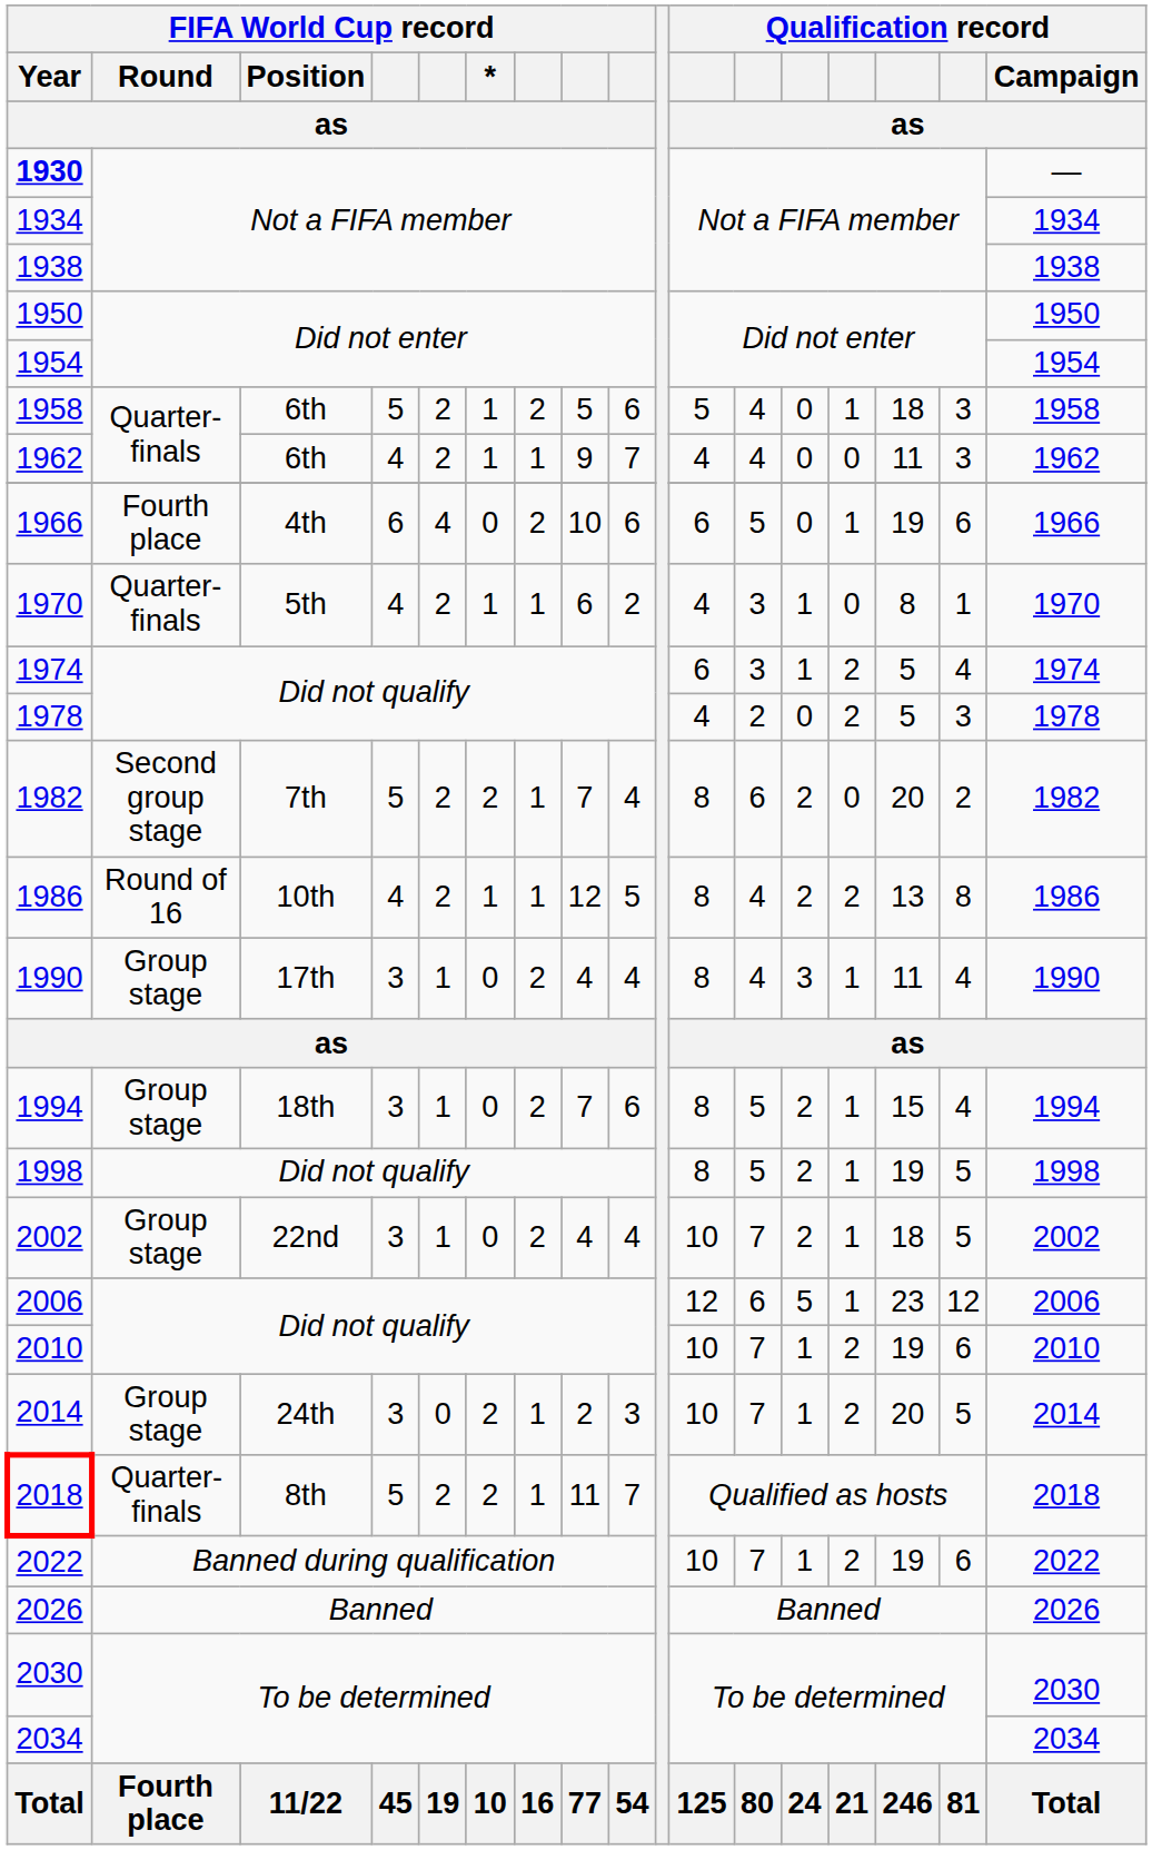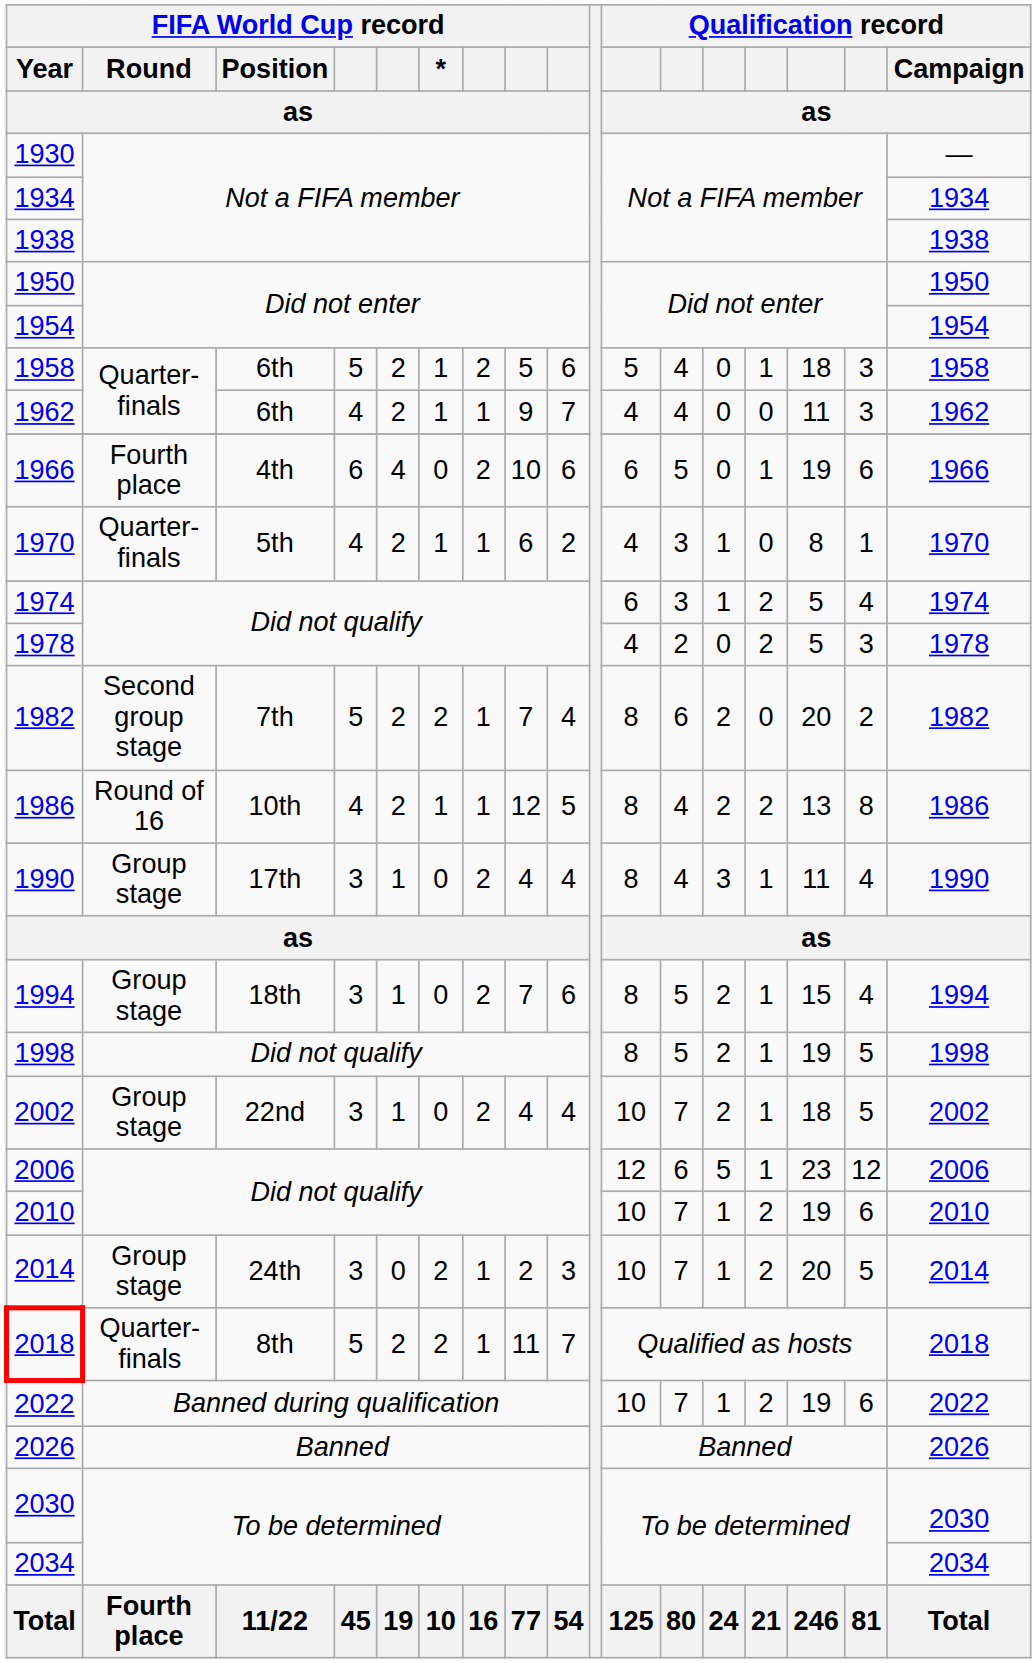 <table class="wikitable" style="text-align: center;">
 <tr>
 <th colspan=9><a href='#'>FIFA World Cup</a> record</th>
 <th style="width:1%;" rowspan="39"></th>
 <th colspan=7><a href='#'>Qualification</a> record</th>
 </tr>
 <tr>
 <th>Year</th>
 <th>Round</th>
 <th>Position</th>
 <th></th>
 <th></th>
 <th>*</th>
 <th></th>
 <th></th>
 <th></th>
 <th></th>
 <th></th>
 <th></th>
 <th></th>
 <th></th>
 <th></th>
 <th>Campaign</th>
 </tr>
 <tr>
 <th colspan=9>as </th>
 <th colspan=7>as </th>
 </tr>
 <tr>
-<td><strong> <a href='#'>1930</a></strong></td>
+<td> <a href='#'>1930</a></td>
 <td rowspan=3 colspan=9><em>Not a FIFA member</em></td>
 <td colspan="6" rowspan="3"><em>Not a FIFA member</em></td>
 <td>—</td>
 </tr>
 <tr>
 <td> <a href='#'>1934</a></td>
 <td><a href='#'>1934</a></td>
 </tr>
 <tr>
 <td> <a href='#'>1938</a></td>
 <td><a href='#'>1938</a></td>
 </tr>
 <tr>
 <td> <a href='#'>1950</a></td>
 <td rowspan=2 colspan=9><em>Did not enter</em></td>
 <td colspan="6" rowspan="2"><em>Did not enter</em></td>
 <td><a href='#'>1950</a></td>
 </tr>
 <tr>
 <td> <a href='#'>1954</a></td>
 <td><a href='#'>1954</a></td>
 </tr>
 <tr>
 <td> <a href='#'>1958</a></td>
 <td rowspan="2">Quarter-finals</td>
 <td>6th</td>
 <td>5</td>
 <td>2</td>
 <td>1</td>
 <td>2</td>
 <td>5</td>
 <td>6</td>
 <td>5</td>
 <td>4</td>
 <td>0</td>
 <td>1</td>
 <td>18</td>
 <td>3</td>
 <td><a href='#'>1958</a></td>
 </tr>
 <tr>
 <td> <a href='#'>1962</a></td>
 <td>6th</td>
 <td>4</td>
 <td>2</td>
 <td>1</td>
 <td>1</td>
 <td>9</td>
 <td>7</td>
 <td>4</td>
 <td>4</td>
 <td>0</td>
 <td>0</td>
 <td>11</td>
 <td>3</td>
 <td><a href='#'>1962</a></td>
 </tr>
 <tr>
 </tr>
 <tr>
 <td> <a href='#'>1966</a></td>
 <td>Fourth place</td>
 <td>4th</td>
 <td>6</td>
 <td>4</td>
 <td>0</td>
 <td>2</td>
 <td>10</td>
 <td>6</td>
 <td>6</td>
 <td>5</td>
 <td>0</td>
 <td>1</td>
 <td>19</td>
 <td>6</td>
 <td><a href='#'>1966</a></td>
 </tr>
 <tr>
 <td> <a href='#'>1970</a></td>
 <td>Quarter-finals</td>
 <td>5th</td>
 <td>4</td>
 <td>2</td>
 <td>1</td>
 <td>1</td>
 <td>6</td>
 <td>2</td>
 <td>4</td>
 <td>3</td>
 <td>1</td>
 <td>0</td>
 <td>8</td>
 <td>1</td>
 <td><a href='#'>1970</a></td>
 </tr>
 <tr>
 <td> <a href='#'>1974</a></td>
 <td colspan=8 rowspan=2><em>Did not qualify</em></td>
 <td>6</td>
 <td>3</td>
 <td>1</td>
 <td>2</td>
 <td>5</td>
 <td>4</td>
 <td><a href='#'>1974</a></td>
 </tr>
 <tr>
 <td> <a href='#'>1978</a></td>
 <td>4</td>
 <td>2</td>
 <td>0</td>
 <td>2</td>
 <td>5</td>
 <td>3</td>
 <td><a href='#'>1978</a></td>
 </tr>
 <tr>
 <td> <a href='#'>1982</a></td>
 <td>Second group stage</td>
 <td>7th</td>
 <td>5</td>
 <td>2</td>
 <td>2</td>
 <td>1</td>
 <td>7</td>
 <td>4</td>
 <td>8</td>
 <td>6</td>
 <td>2</td>
 <td>0</td>
 <td>20</td>
 <td>2</td>
 <td><a href='#'>1982</a></td>
 </tr>
 <tr>
 <td> <a href='#'>1986</a></td>
 <td>Round of 16</td>
 <td>10th</td>
 <td>4</td>
 <td>2</td>
 <td>1</td>
 <td>1</td>
 <td>12</td>
 <td>5</td>
 <td>8</td>
 <td>4</td>
 <td>2</td>
 <td>2</td>
 <td>13</td>
 <td>8</td>
 <td><a href='#'>1986</a></td>
 </tr>
 <tr>
 <td> <a href='#'>1990</a></td>
 <td>Group stage</td>
 <td>17th</td>
 <td>3</td>
 <td>1</td>
 <td>0</td>
 <td>2</td>
 <td>4</td>
 <td>4</td>
 <td>8</td>
 <td>4</td>
 <td>3</td>
 <td>1</td>
 <td>11</td>
 <td>4</td>
 <td><a href='#'>1990</a></td>
 </tr>
 <tr>
 <th colspan=9>as </th>
 <th colspan=7>as </th>
 </tr>
 <tr>
 <td> <a href='#'>1994</a></td>
 <td>Group stage</td>
 <td>18th</td>
 <td>3</td>
 <td>1</td>
 <td>0</td>
 <td>2</td>
 <td>7</td>
 <td>6</td>
 <td>8</td>
 <td>5</td>
 <td>2</td>
 <td>1</td>
 <td>15</td>
 <td>4</td>
 <td><a href='#'>1994</a></td>
 </tr>
 <tr>
 <td> <a href='#'>1998</a></td>
 <td colspan=8><em>Did not qualify</em></td>
 <td>8</td>
 <td>5</td>
 <td>2</td>
 <td>1</td>
 <td>19</td>
 <td>5</td>
 <td><a href='#'>1998</a></td>
 </tr>
 <tr>
 <td>  <a href='#'>2002</a></td>
 <td>Group stage</td>
 <td>22nd</td>
 <td>3</td>
 <td>1</td>
 <td>0</td>
 <td>2</td>
 <td>4</td>
 <td>4</td>
 <td>10</td>
 <td>7</td>
 <td>2</td>
 <td>1</td>
 <td>18</td>
 <td>5</td>
 <td><a href='#'>2002</a></td>
 </tr>
 <tr>
 <td> <a href='#'>2006</a></td>
 <td colspan=8 rowspan=2><em>Did not qualify</em></td>
 <td>12</td>
 <td>6</td>
 <td>5</td>
 <td>1</td>
 <td>23</td>
 <td>12</td>
 <td><a href='#'>2006</a></td>
 </tr>
 <tr>
 <td> <a href='#'>2010</a></td>
 <td>10</td>
 <td>7</td>
 <td>1</td>
 <td>2</td>
 <td>19</td>
 <td>6</td>
 <td><a href='#'>2010</a></td>
 </tr>
 <tr>
 <td> <a href='#'>2014</a></td>
 <td>Group stage</td>
 <td>24th</td>
 <td>3</td>
 <td>0</td>
 <td>2</td>
 <td>1</td>
 <td>2</td>
 <td>3</td>
 <td>10</td>
 <td>7</td>
 <td>1</td>
 <td>2</td>
 <td>20</td>
 <td>5</td>
 <td><a href='#'>2014</a></td>
 </tr>
 <tr>
 <td style="border: 3px solid red"> <a href='#'>2018</a></td>
 <td>Quarter-finals</td>
 <td>8th</td>
 <td>5</td>
 <td>2</td>
 <td>2</td>
 <td>1</td>
 <td>11</td>
 <td>7</td>
 <td colspan=6><em>Qualified as hosts</em></td>
 <td><a href='#'>2018</a></td>
 </tr>
 <tr>
 <td> <a href='#'>2022</a></td>
 <td colspan=8><em>Banned during qualification</em></td>
 <td>10</td>
 <td>7</td>
 <td>1</td>
 <td>2</td>
 <td>19</td>
 <td>6</td>
 <td><a href='#'>2022</a></td>
 </tr>
 <tr>
 <td>   <a href='#'>2026</a></td>
 <td colspan=9><em>Banned</em></td>
 <td colspan=6><em>Banned</em></td>
 <td><a href='#'>2026</a></td>
 </tr>
 <tr>
 <td>   <a href='#'>2030</a></td>
 <td colspan=8 rowspan=2><em>To be determined</em></td>
 <td colspan=6 rowspan=2><em>To be determined</em></td>
 <td><br><a href='#'>2030</a></td>
 </tr>
 <tr>
 <td> <a href='#'>2034</a></td>
 <td><a href='#'>2034</a></td>
 </tr>
 <tr>
 <th>Total</th>
 <th>Fourth place</th>
 <th>11/22</th>
 <th>45</th>
 <th>19</th>
 <th>10</th>
 <th>16</th>
 <th>77</th>
 <th>54</th>
 <th>125</th>
 <th>80</th>
 <th>24</th>
 <th>21</th>
 <th>246</th>
 <th>81</th>
 <th>Total</th>
 </tr>
 </table>
